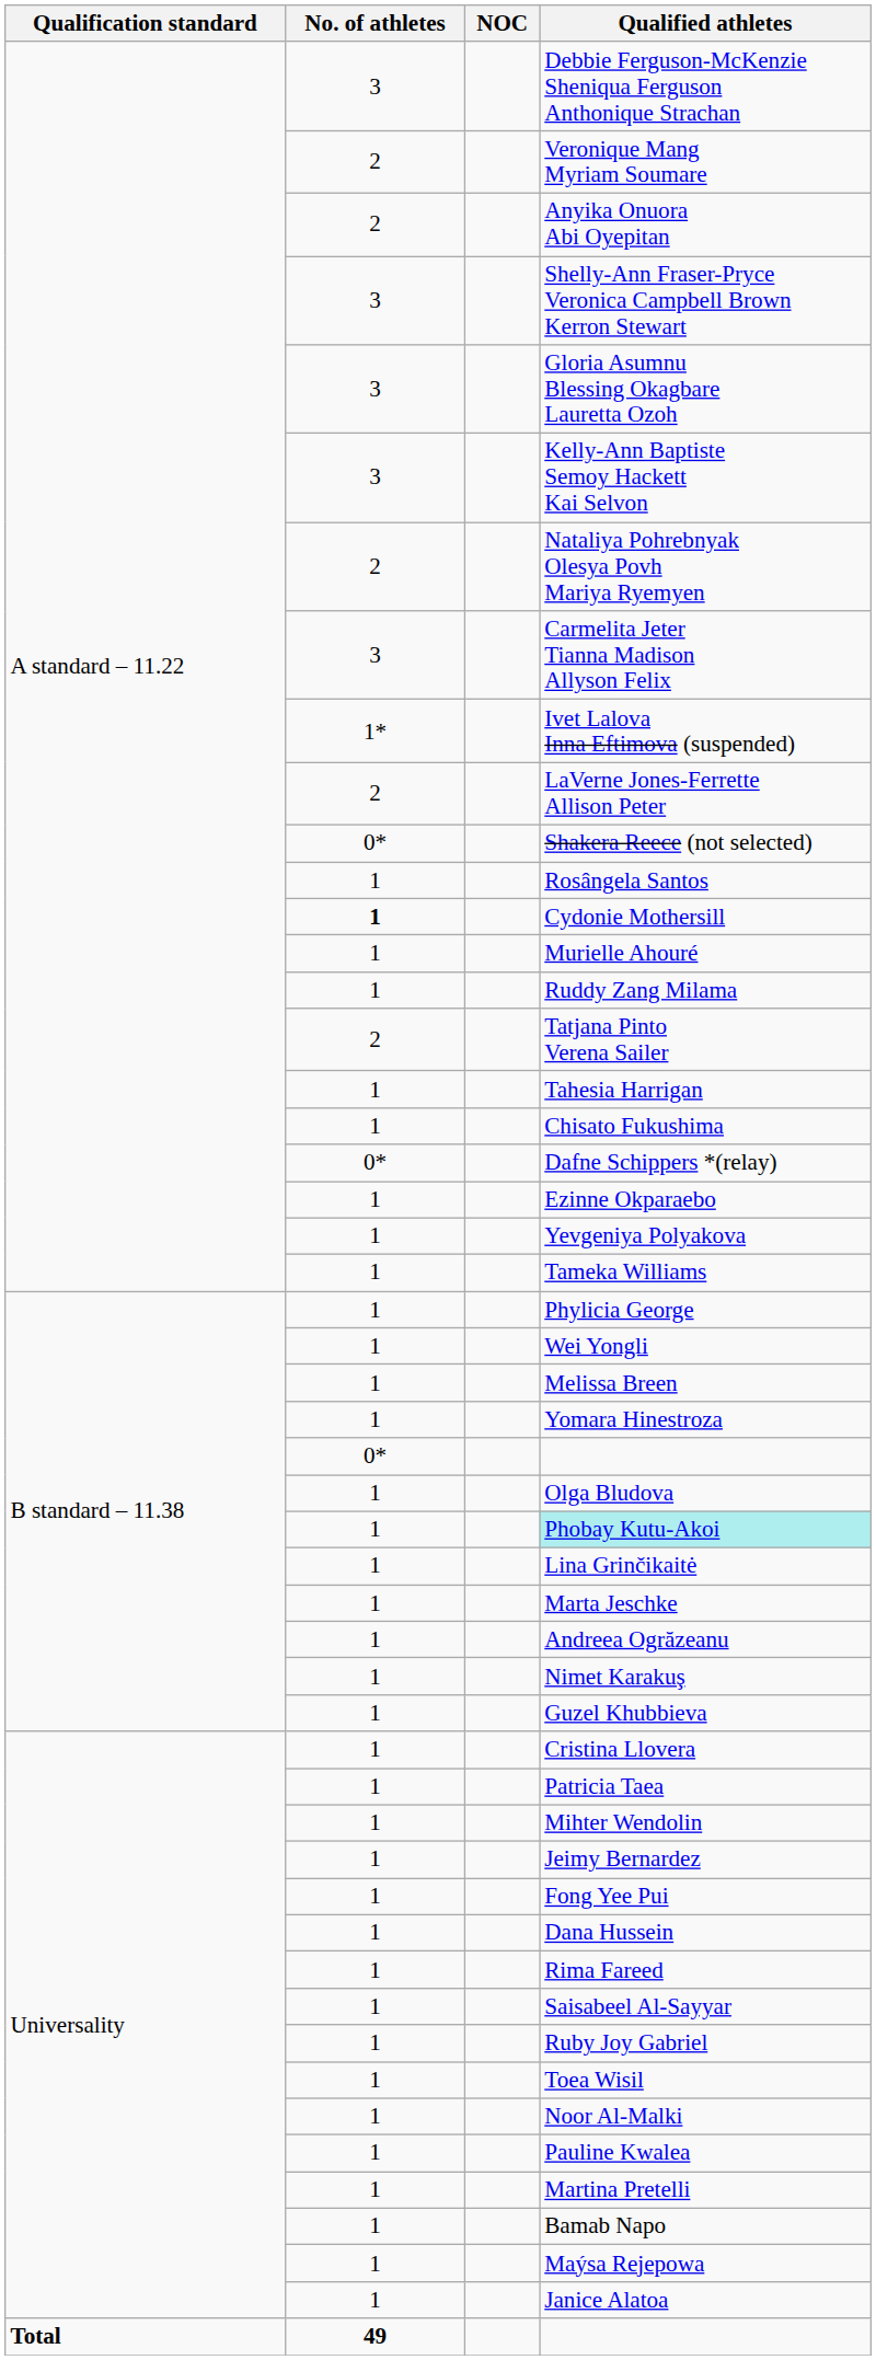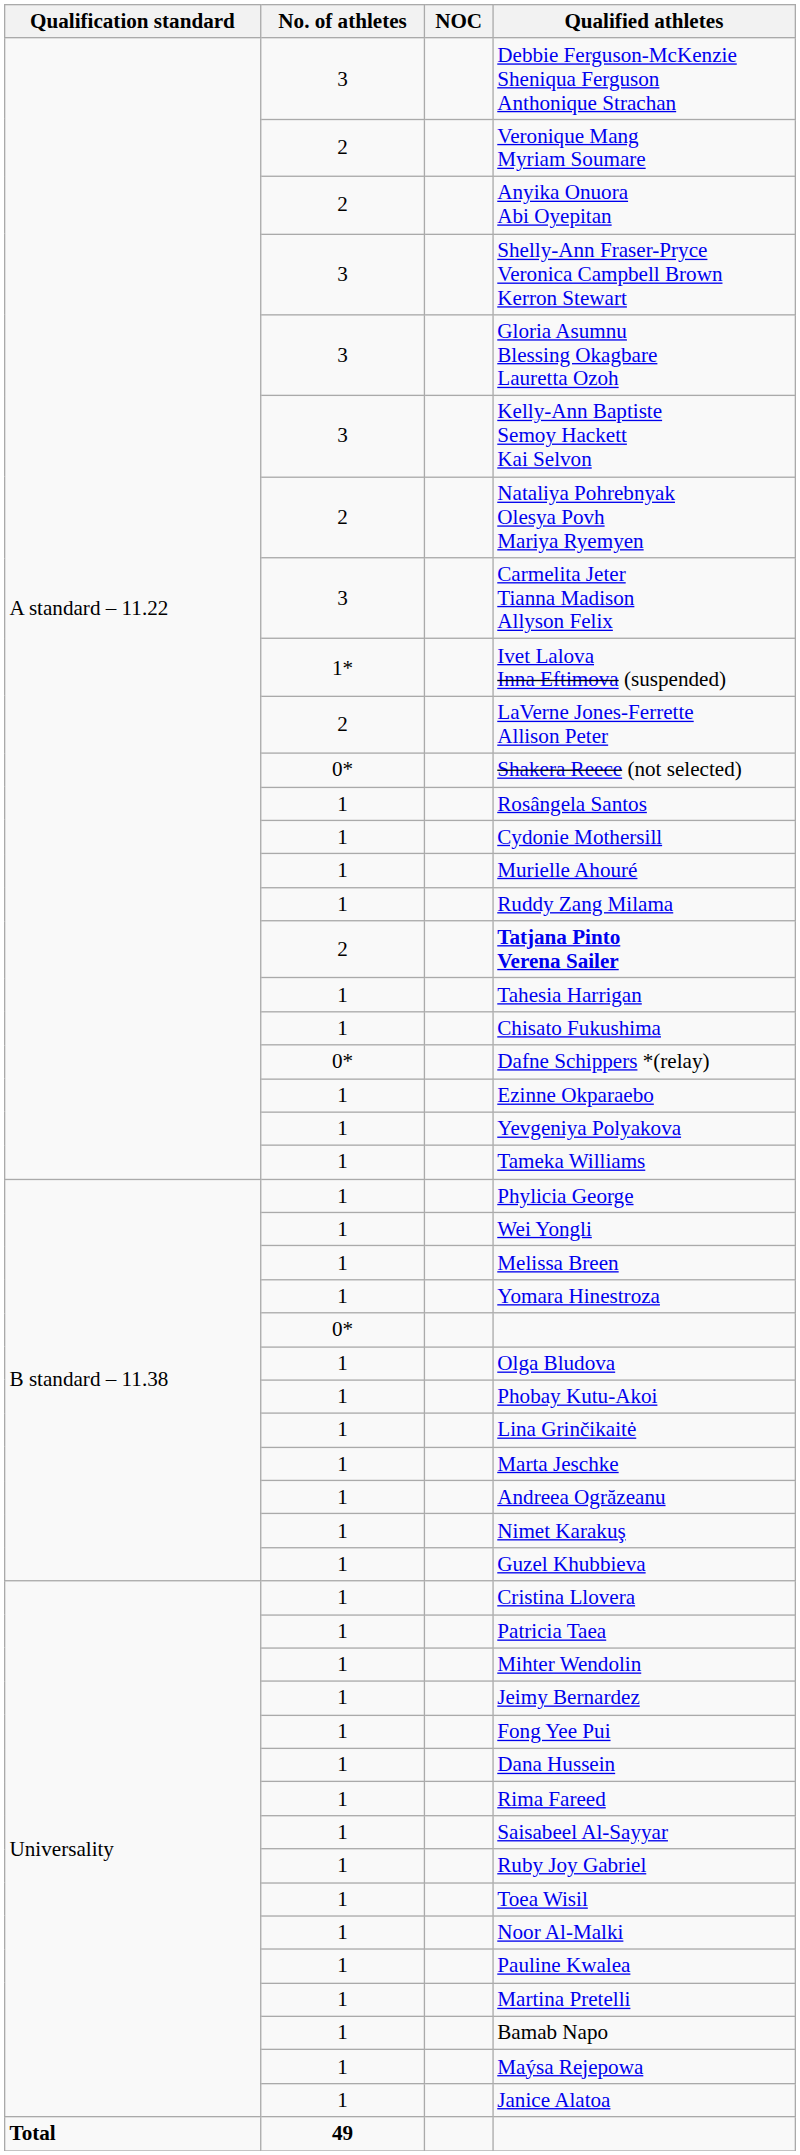 <table class="wikitable"  style="text-align:left; width:600px;">
 <tr>
 <th>Qualification standard</th>
 <th>No. of athletes</th>
 <th>NOC</th>
 <th>Qualified athletes</th>
 </tr>
 <tr>
 <td rowspan="22">A standard – 11.22</td>
 <td align=center>3</td>
 <td></td>
 <td><a href='#'>Debbie Ferguson-McKenzie</a><br><a href='#'>Sheniqua Ferguson</a><br><a href='#'>Anthonique Strachan</a></td>
 </tr>
 <tr>
 <td align=center>2</td>
 <td></td>
 <td><a href='#'>Veronique Mang</a><br><a href='#'>Myriam Soumare</a></td>
 </tr>
 <tr>
 <td align=center>2</td>
 <td></td>
 <td><a href='#'>Anyika Onuora</a><br><a href='#'>Abi Oyepitan</a></td>
 </tr>
 <tr>
 <td align=center>3</td>
 <td></td>
 <td><a href='#'>Shelly-Ann Fraser-Pryce</a><br><a href='#'>Veronica Campbell Brown</a><br><a href='#'>Kerron Stewart</a></td>
 </tr>
 <tr>
 <td align=center>3</td>
 <td></td>
 <td><a href='#'>Gloria Asumnu</a><br><a href='#'>Blessing Okagbare</a><br><a href='#'>Lauretta Ozoh</a></td>
 </tr>
 <tr>
 <td align=center>3</td>
 <td></td>
 <td><a href='#'>Kelly-Ann Baptiste</a><br><a href='#'>Semoy Hackett</a><br><a href='#'>Kai Selvon</a></td>
 </tr>
 <tr>
 <td align=center>2</td>
 <td></td>
 <td><a href='#'>Nataliya Pohrebnyak</a><br><a href='#'>Olesya Povh</a><br><a href='#'>Mariya Ryemyen</a></td>
 </tr>
 <tr>
 <td align=center>3</td>
 <td></td>
 <td><a href='#'>Carmelita Jeter</a> <br> <a href='#'>Tianna Madison</a><br> <a href='#'>Allyson Felix</a> <br></td>
 </tr>
 <tr>
 <td align=center>1*</td>
 <td></td>
 <td><a href='#'>Ivet Lalova</a><br><s><a href='#'>Inna Eftimova</a></s> (suspended)</td>
 </tr>
 <tr>
 <td align=center>2</td>
 <td></td>
 <td><a href='#'>LaVerne Jones-Ferrette</a><br><a href='#'>Allison Peter</a></td>
 </tr>
 <tr>
 <td align=center>0*</td>
 <td></td>
 <td><s><a href='#'>Shakera Reece</a></s> (not selected)</td>
 </tr>
 <tr>
 <td align=center>1</td>
 <td></td>
 <td><a href='#'>Rosângela Santos</a></td>
 </tr>
 <tr>
-<td align=center><strong>1</strong></td>
+<td align=center>1</td>
 <td></td>
 <td><a href='#'>Cydonie Mothersill</a></td>
 </tr>
 <tr>
 <td align=center>1</td>
 <td></td>
 <td><a href='#'>Murielle Ahouré</a></td>
 </tr>
 <tr>
 <td align=center>1</td>
 <td></td>
 <td><a href='#'>Ruddy Zang Milama</a></td>
 </tr>
 <tr>
 <td align=center>2</td>
 <td></td>
-<td><a href='#'>Tatjana Pinto</a> <br> <a href='#'>Verena Sailer</a></td>
+<td><strong><a href='#'>Tatjana Pinto</a> <br> <a href='#'>Verena Sailer</a></strong></td>
 </tr>
 <tr>
 <td align=center>1</td>
 <td></td>
 <td><a href='#'>Tahesia Harrigan</a></td>
 </tr>
 <tr>
 <td align=center>1</td>
 <td></td>
 <td><a href='#'>Chisato Fukushima</a></td>
 </tr>
 <tr>
 <td align=center>0*</td>
 <td></td>
 <td><a href='#'>Dafne Schippers</a> *(relay)</td>
 </tr>
 <tr>
 <td align=center>1</td>
 <td></td>
 <td><a href='#'>Ezinne Okparaebo</a></td>
 </tr>
 <tr>
 <td align=center>1</td>
 <td></td>
 <td><a href='#'>Yevgeniya Polyakova</a></td>
 </tr>
 <tr>
 <td align=center>1</td>
 <td></td>
 <td><a href='#'>Tameka Williams</a></td>
 </tr>
 <tr>
 <td rowspan="12">B standard – 11.38</td>
 <td align=center>1</td>
 <td></td>
 <td><a href='#'>Phylicia George</a></td>
 </tr>
 <tr>
 <td align=center>1</td>
 <td></td>
 <td><a href='#'>Wei Yongli</a></td>
 </tr>
 <tr>
 <td align=center>1</td>
 <td> </td>
 <td><a href='#'>Melissa Breen</a></td>
 </tr>
 <tr>
 <td align=center>1</td>
 <td></td>
 <td><a href='#'>Yomara Hinestroza</a></td>
 </tr>
 <tr>
 <td align=center>0*</td>
 <td><s></s></td>
 <td></td>
 </tr>
 <tr>
 <td align=center>1</td>
 <td></td>
 <td><a href='#'>Olga Bludova</a></td>
 </tr>
 <tr>
 <td align=center>1</td>
 <td></td>
-<td style="background: paleturquoise;"><a href='#'>Phobay Kutu-Akoi</a></td>
+<td><a href='#'>Phobay Kutu-Akoi</a></td>
 </tr>
 <tr>
 <td align=center>1</td>
 <td></td>
 <td><a href='#'>Lina Grinčikaitė</a></td>
 </tr>
 <tr>
 <td align=center>1</td>
 <td></td>
 <td><a href='#'>Marta Jeschke</a></td>
 </tr>
 <tr>
 <td align=center>1</td>
 <td></td>
 <td><a href='#'>Andreea Ogrăzeanu</a></td>
 </tr>
 <tr>
 <td align=center>1</td>
 <td></td>
 <td><a href='#'>Nimet Karakuş</a></td>
 </tr>
 <tr>
 <td align=center>1</td>
 <td></td>
 <td><a href='#'>Guzel Khubbieva</a></td>
 </tr>
 <tr>
 <td rowspan="16">Universality</td>
 <td align=center>1</td>
 <td></td>
 <td><a href='#'>Cristina Llovera</a></td>
 </tr>
 <tr>
 <td align=center>1</td>
 <td></td>
 <td><a href='#'>Patricia Taea</a></td>
 </tr>
 <tr>
 <td align=center>1</td>
 <td></td>
 <td><a href='#'>Mihter Wendolin</a></td>
 </tr>
 <tr>
 <td align=center>1</td>
 <td></td>
 <td><a href='#'>Jeimy Bernardez</a></td>
 </tr>
 <tr>
 <td align=center>1</td>
 <td></td>
 <td><a href='#'>Fong Yee Pui</a></td>
 </tr>
 <tr>
 <td align=center>1</td>
 <td></td>
 <td><a href='#'>Dana Hussein</a></td>
 </tr>
 <tr>
 <td align=center>1</td>
 <td></td>
 <td><a href='#'>Rima Fareed</a></td>
 </tr>
 <tr>
 <td align=center>1</td>
 <td></td>
 <td><a href='#'>Saisabeel Al-Sayyar</a></td>
 </tr>
 <tr>
 <td align=center>1</td>
 <td></td>
 <td><a href='#'>Ruby Joy Gabriel</a></td>
 </tr>
 <tr>
 <td align=center>1</td>
 <td></td>
 <td><a href='#'>Toea Wisil</a></td>
 </tr>
 <tr>
 <td align=center>1</td>
 <td></td>
 <td><a href='#'>Noor Al-Malki</a></td>
 </tr>
 <tr>
 <td align=center>1</td>
 <td></td>
 <td><a href='#'>Pauline Kwalea</a></td>
 </tr>
 <tr>
 <td align=center>1</td>
 <td></td>
 <td><a href='#'>Martina Pretelli</a></td>
 </tr>
 <tr>
 <td align=center>1</td>
 <td></td>
 <td>Bamab Napo</td>
 </tr>
 <tr>
 <td align=center>1</td>
 <td></td>
 <td><a href='#'>Maýsa Rejepowa</a></td>
 </tr>
 <tr>
 <td align=center>1</td>
 <td></td>
 <td><a href='#'>Janice Alatoa</a></td>
 </tr>
 <tr>
 <td><strong>Total</strong></td>
 <td align=center><strong>49</strong></td>
 <td></td>
 <td></td>
 </tr>
 </table>
